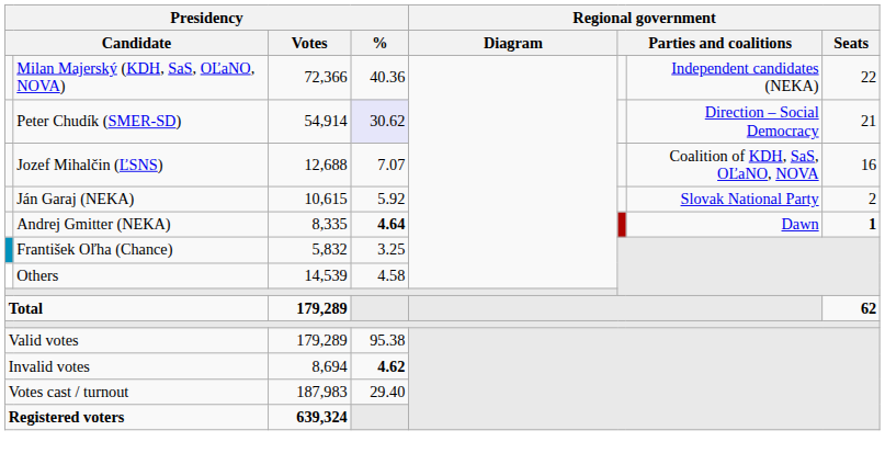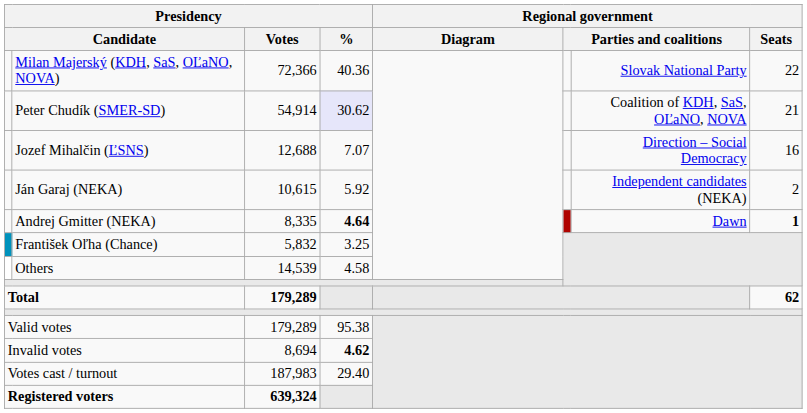 <table class="wikitable" style="text-align:right; font-size:97%;">
 <tr>
 <th colspan="4" width="500">Presidency</th>
 <th colspan="4" width="500">Regional government</th>
 </tr>
 <tr>
 <th colspan="2" width="325">Candidate</th>
 <th width="75">Votes</th>
 <th width="50">%</th>
 <th width="200">Diagram</th>
 <th colspan="2" width="250">Parties and coalitions</th>
 <th width="50">Seats</th>
 </tr>
 <tr>
 <td width="1" style="color:inherit;background:"></td>
 <td align="left"><a href='#'>Milan Majerský</a> (<a href='#'>KDH</a>, <a href='#'>SaS</a>, <a href='#'>OĽaNO</a>, <a href='#'>NOVA</a>)</td>
 <td>72,366</td>
 <td>40.36</td>
 <td rowspan="7"></td>
 <td width="1" style="color:inherit;background:"></td>
-<td><a href='#'>Independent candidates</a> (NEKA)</td>
+<td><a href='#'>Slovak National Party</a></td>
 <td>22</td>
 </tr>
 <tr>
 <td width="1" style="color:inherit;background:"></td>
 <td align="left">Peter Chudík (<a href='#'>SMER-SD</a>)</td>
 <td>54,914</td>
 <td style="background: lavender;">30.62</td>
 <td width="1" style="color:inherit;background:"></td>
-<td><a href='#'>Direction – Social Democracy</a></td>
+<td>Coalition of <a href='#'>KDH</a>, <a href='#'>SaS</a>, <a href='#'>OĽaNO</a>, <a href='#'>NOVA</a></td>
 <td>21</td>
 </tr>
 <tr>
 <td width="1" style="color:inherit;background:"></td>
 <td align="left">Jozef Mihalčin (<a href='#'>ĽSNS</a>)</td>
 <td>12,688</td>
 <td>7.07</td>
 <td width="1" style="color:inherit;background:"></td>
-<td>Coalition of <a href='#'>KDH</a>, <a href='#'>SaS</a>, <a href='#'>OĽaNO</a>, <a href='#'>NOVA</a></td>
+<td><a href='#'>Direction – Social Democracy</a></td>
 <td>16</td>
 </tr>
 <tr>
 <td width="1" style="color:inherit;background:"></td>
 <td align="left">Ján Garaj (NEKA)</td>
 <td>10,615</td>
 <td>5.92</td>
 <td width="1" style="color:inherit;background:"></td>
-<td><a href='#'>Slovak National Party</a></td>
+<td><a href='#'>Independent candidates</a> (NEKA)</td>
 <td>2</td>
 </tr>
 <tr>
 <td width="1" style="color:inherit;background:"></td>
 <td align="left">Andrej Gmitter (NEKA)</td>
 <td>8,335</td>
 <td><strong>4.64</strong></td>
 <td width="1" style="color:inherit;background:#af0300"></td>
 <td><a href='#'>Dawn</a></td>
 <td><strong>1</strong></td>
 </tr>
 <tr>
 <td width="1" style="color:inherit;background:#0092bc"></td>
 <td align="left">František Oľha (Chance)</td>
 <td>5,832</td>
 <td>3.25</td>
 <td colspan="3" rowspan="3" bgcolor="#E9E9E9"></td>
 </tr>
 <tr>
 <td width="1" bgcolor="white"></td>
 <td align="left">Others</td>
 <td>14,539</td>
 <td>4.58</td>
 </tr>
 <tr>
 <td colspan="8" bgcolor="#E9E9E9"></td>
 </tr>
 <tr>
 <td align="left" colspan="2"><strong>Total</strong></td>
 <td><strong>179,289</strong></td>
 <td style="color:inherit;background:#E9E9E9"></td>
 <td colspan="3" bgcolor="#E9E9E9"></td>
 <td><strong>62</strong></td>
 </tr>
 <tr>
 <td colspan="8" bgcolor="#E9E9E9"></td>
 </tr>
 <tr>
 <td align="left" colspan="2">Valid votes</td>
 <td>179,289</td>
 <td>95.38</td>
 <td bgcolor="#E9E9E9" rowspan="4" colspan="4"></td>
 </tr>
 <tr>
 <td align="left" colspan="2">Invalid votes</td>
 <td>8,694</td>
 <td><strong>4.62</strong></td>
 </tr>
 <tr>
 <td align="left" colspan="2">Votes cast / turnout</td>
 <td>187,983</td>
 <td>29.40</td>
 </tr>
 <tr style="font-weight:bold;">
 <td align="left" colspan="2">Registered voters</td>
 <td>639,324</td>
 <td bgcolor="#E9E9E9"></td>
 </tr>
 </table>
